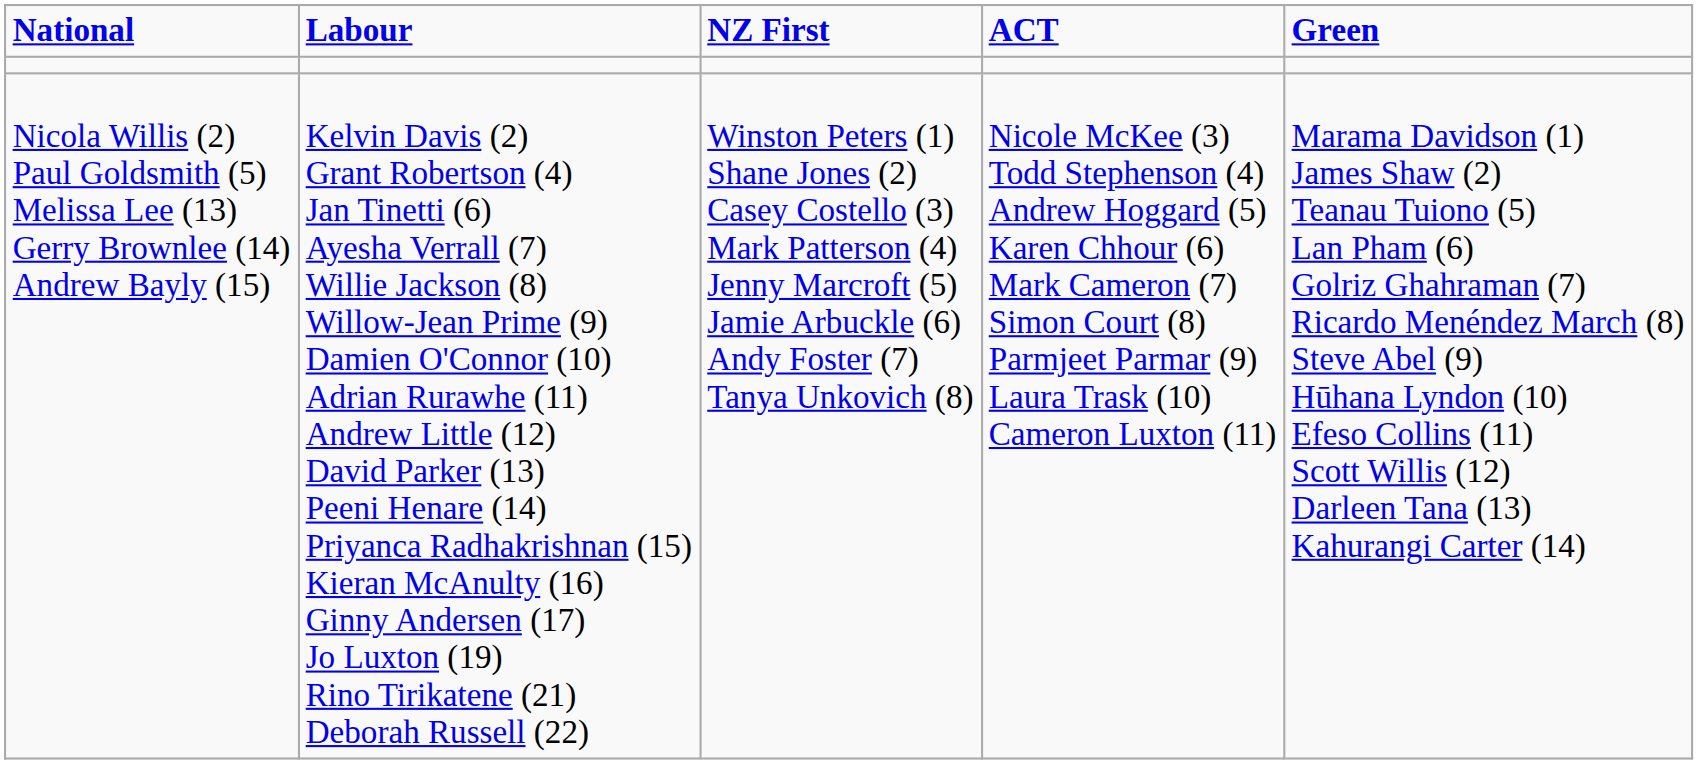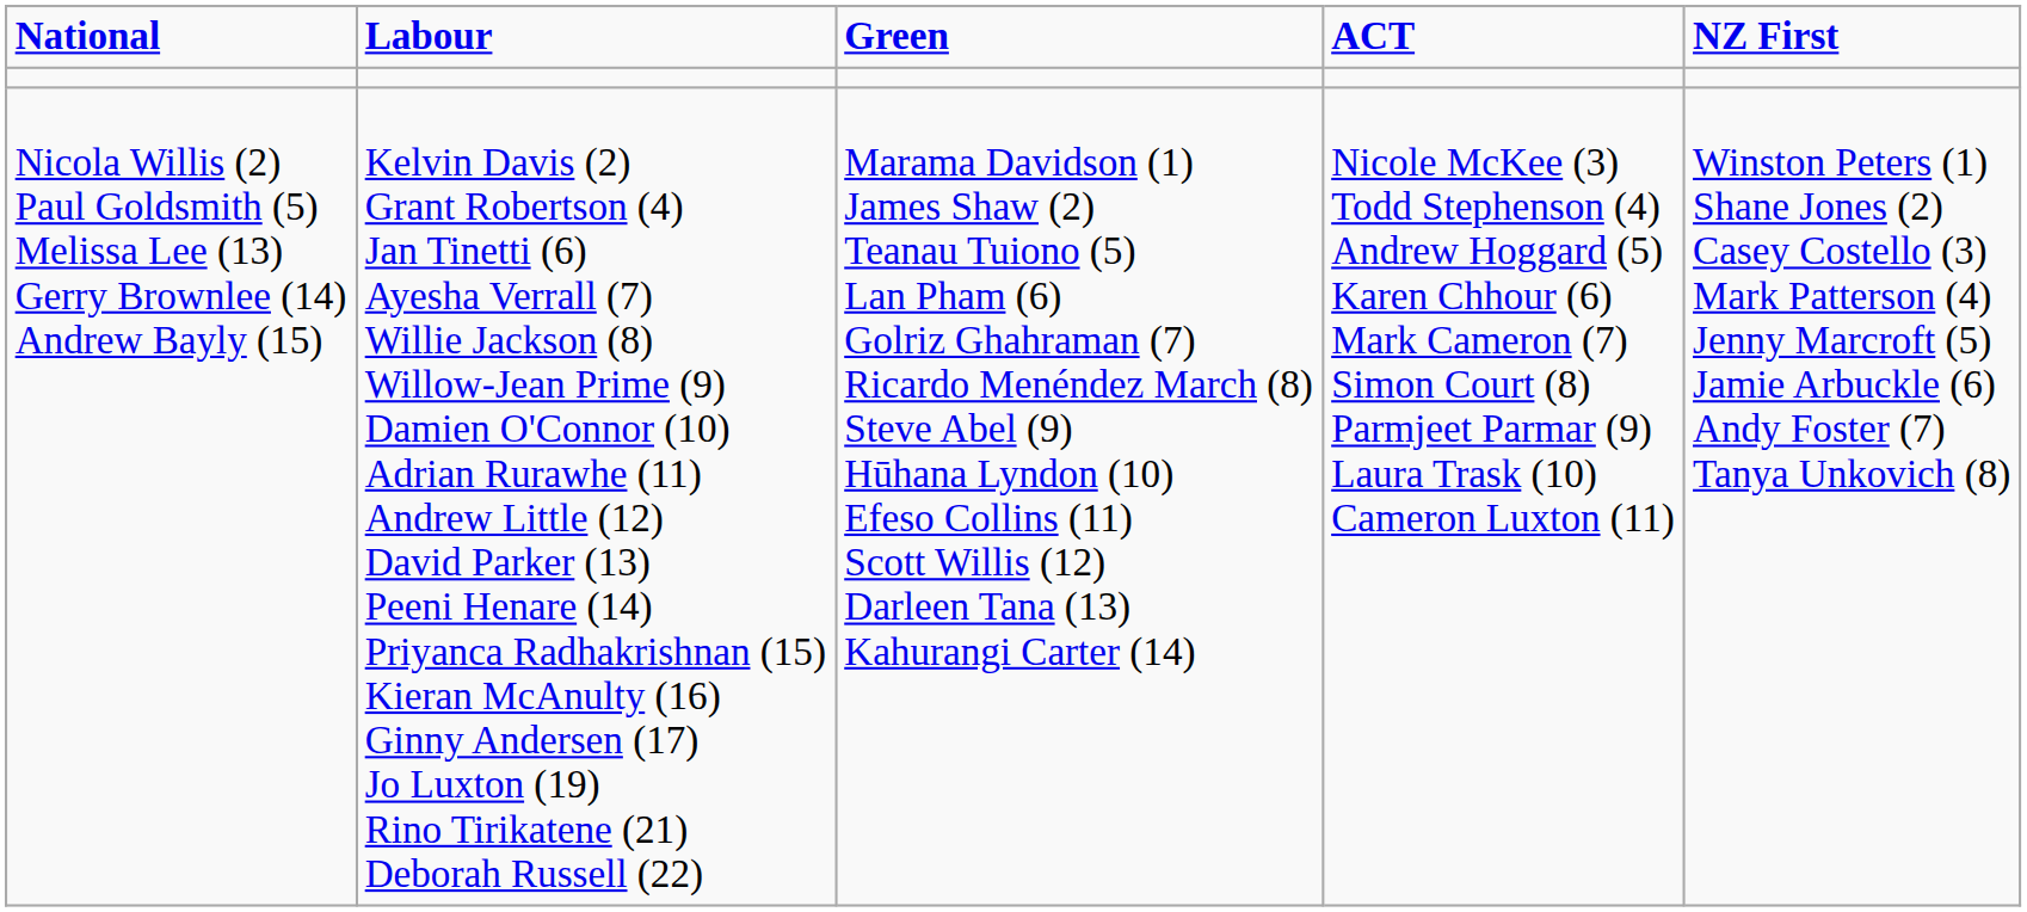 <table class="wikitable sortable">
 <tr>
 <td><strong><a href='#'>National</a></strong></td>
 <td><strong><a href='#'>Labour</a></strong></td>
+<td><strong><a href='#'>Green</a></strong></td>
+<td><strong><a href='#'>ACT</a></strong></td>
 <td><strong><a href='#'>NZ First</a></strong></td>
-<td><strong><a href='#'>ACT</a></strong></td>
-<td><strong><a href='#'>Green</a></strong></td>
 </tr>
 <tr>
 <td></td>
 <td></td>
 <td></td>
 <td></td>
 <td></td>
 </tr>
 <tr>
 <td valign=top><br><a href='#'>Nicola Willis</a> (2)<br> <a href='#'>Paul Goldsmith</a> (5)<br> <a href='#'>Melissa Lee</a> (13)<br> <a href='#'>Gerry Brownlee</a> (14)<br> <a href='#'>Andrew Bayly</a> (15)<br></td>
 <td valign=top><br><a href='#'>Kelvin Davis</a> (2)<br> <a href='#'>Grant Robertson</a> (4)<br> <a href='#'>Jan Tinetti</a> (6)<br> <a href='#'>Ayesha Verrall</a> (7)<br> <a href='#'>Willie Jackson</a> (8)<br> <a href='#'>Willow-Jean Prime</a> (9)<br> <a href='#'>Damien O'Connor</a> (10) <br> <a href='#'>Adrian Rurawhe</a> (11)<br> <a href='#'>Andrew Little</a> (12)<br> <a href='#'>David Parker</a> (13)<br> <a href='#'>Peeni Henare</a> (14)<br> <a href='#'>Priyanca Radhakrishnan</a> (15)<br> <a href='#'>Kieran McAnulty</a> (16)<br> <a href='#'>Ginny Andersen</a> (17)<br> <a href='#'>Jo Luxton</a> (19)<br> <a href='#'>Rino Tirikatene</a> (21)<br> <a href='#'>Deborah Russell</a> (22)</td>
+<td valign=top><br><a href='#'>Marama Davidson</a> (1)<br> <a href='#'>James Shaw</a> (2)<br> <a href='#'>Teanau Tuiono</a> (5)<br> <a href='#'>Lan Pham</a> (6)<br> <a href='#'>Golriz Ghahraman</a> (7)<br> <a href='#'>Ricardo Menéndez March</a> (8)<br> <a href='#'>Steve Abel</a> (9)<br> <a href='#'>Hūhana Lyndon</a> (10)<br> <a href='#'>Efeso Collins</a> (11) <br> <a href='#'>Scott Willis</a> (12)<br> <a href='#'>Darleen Tana</a> (13)<br> <a href='#'>Kahurangi Carter</a> (14)</td>
+<td valign=top><br><a href='#'>Nicole McKee</a> (3)<br> <a href='#'>Todd Stephenson</a> (4) <br> <a href='#'>Andrew Hoggard</a> (5) <br> <a href='#'>Karen Chhour</a> (6)<br> <a href='#'>Mark Cameron</a> (7)<br> <a href='#'>Simon Court</a> (8)<br> <a href='#'>Parmjeet Parmar</a> (9)<br> <a href='#'>Laura Trask</a> (10)<br> <a href='#'>Cameron Luxton</a> (11)</td>
 <td valign=top><br><a href='#'>Winston Peters</a> (1)<br> <a href='#'>Shane Jones</a> (2)<br> <a href='#'>Casey Costello</a> (3)<br> <a href='#'>Mark Patterson</a> (4)<br> <a href='#'>Jenny Marcroft</a> (5)<br> <a href='#'>Jamie Arbuckle</a> (6)<br> <a href='#'>Andy Foster</a> (7)<br> <a href='#'>Tanya Unkovich</a> (8)</td>
-<td valign=top><br><a href='#'>Nicole McKee</a> (3)<br> <a href='#'>Todd Stephenson</a> (4) <br> <a href='#'>Andrew Hoggard</a> (5) <br> <a href='#'>Karen Chhour</a> (6)<br> <a href='#'>Mark Cameron</a> (7)<br> <a href='#'>Simon Court</a> (8)<br> <a href='#'>Parmjeet Parmar</a> (9)<br> <a href='#'>Laura Trask</a> (10)<br> <a href='#'>Cameron Luxton</a> (11)</td>
-<td valign=top><br><a href='#'>Marama Davidson</a> (1)<br> <a href='#'>James Shaw</a> (2)<br> <a href='#'>Teanau Tuiono</a> (5)<br> <a href='#'>Lan Pham</a> (6)<br> <a href='#'>Golriz Ghahraman</a> (7)<br> <a href='#'>Ricardo Menéndez March</a> (8)<br> <a href='#'>Steve Abel</a> (9)<br> <a href='#'>Hūhana Lyndon</a> (10)<br> <a href='#'>Efeso Collins</a> (11) <br> <a href='#'>Scott Willis</a> (12)<br> <a href='#'>Darleen Tana</a> (13)<br> <a href='#'>Kahurangi Carter</a> (14)</td>
 </tr>
 </table>
